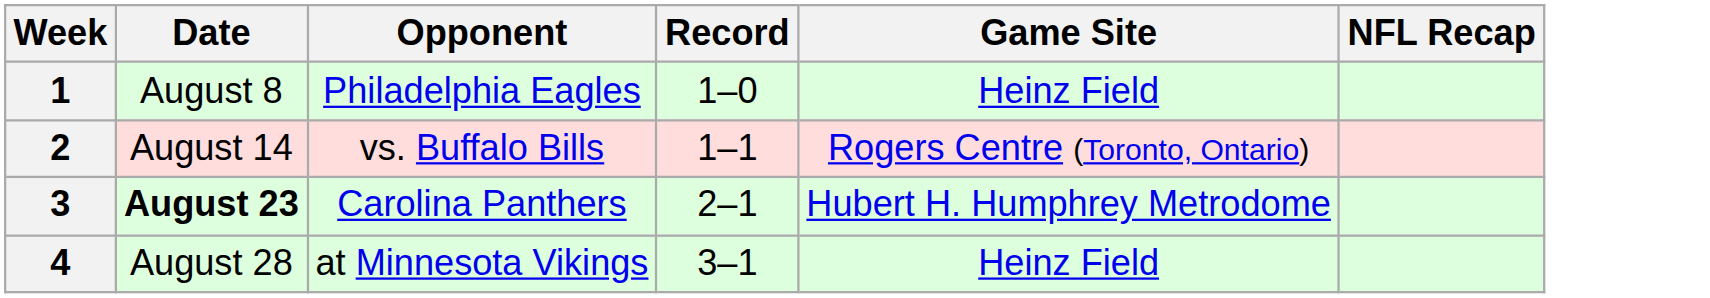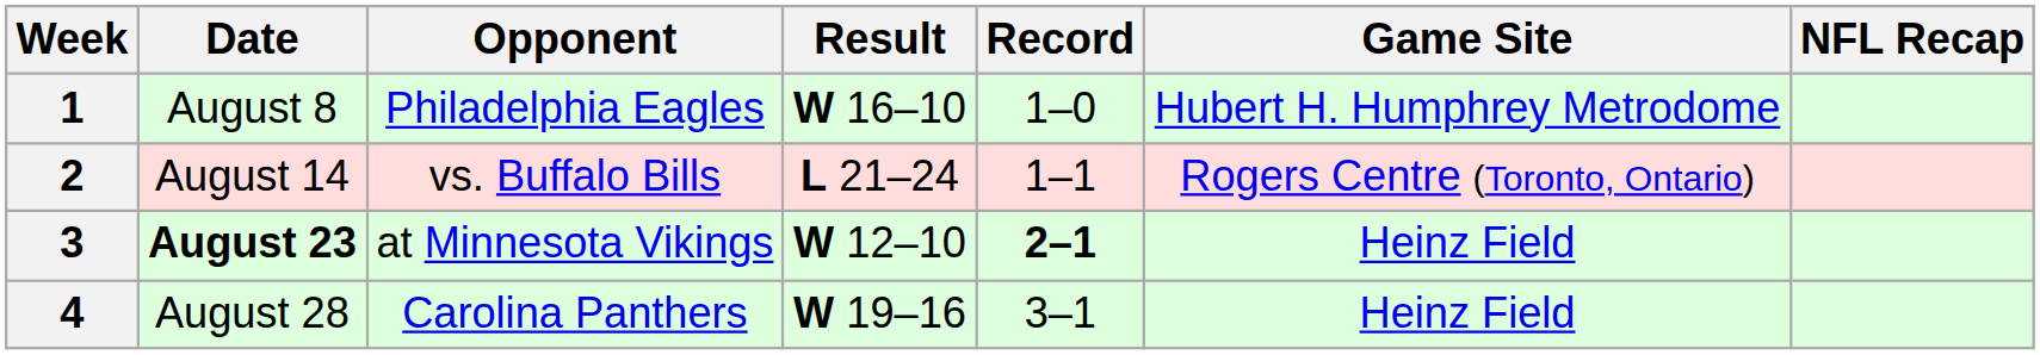 <table class="wikitable" style="text-align:center">
 <tr>
 <th>Week</th>
 <th>Date</th>
 <th>Opponent</th>
+<th>Result</th>
 <th>Record</th>
 <th>Game Site</th>
 <th>NFL Recap</th>
 </tr>
 <tr style="background:#dfd;">
 <th>1</th>
 <td>August 8</td>
 <td><a href='#'>Philadelphia Eagles</a></td>
+<td><strong>W</strong> 16–10</td>
 <td>1–0</td>
-<td><a href='#'>Heinz Field</a></td>
+<td><a href='#'>Hubert H. Humphrey Metrodome</a></td>
 <td></td>
 </tr>
 <tr style="background:#fdd;">
 <th>2</th>
 <td>August 14</td>
 <td>vs. <a href='#'>Buffalo Bills</a></td>
+<td><strong>L</strong> 21–24</td>
 <td>1–1</td>
 <td> <a href='#'>Rogers Centre</a> <small>(<a href='#'>Toronto, Ontario</a>)</small></td>
 <td></td>
 </tr>
 <tr style="background:#dfd;">
 <th>3</th>
 <td><strong>August 23</strong></td>
-<td><a href='#'>Carolina Panthers</a></td>
-<td>2–1</td>
-<td><a href='#'>Hubert H. Humphrey Metrodome</a></td>
+<td>at <a href='#'>Minnesota Vikings</a></td>
+<td><strong>W</strong> 12–10</td>
+<td><strong>2–1</strong></td>
+<td><a href='#'>Heinz Field</a></td>
 <td></td>
 </tr>
 <tr style="background:#dfd;">
 <th>4</th>
 <td>August 28</td>
-<td>at <a href='#'>Minnesota Vikings</a></td>
+<td><a href='#'>Carolina Panthers</a></td>
+<td><strong>W</strong> 19–16</td>
 <td>3–1</td>
 <td><a href='#'>Heinz Field</a></td>
 <td></td>
 </tr>
 </table>
